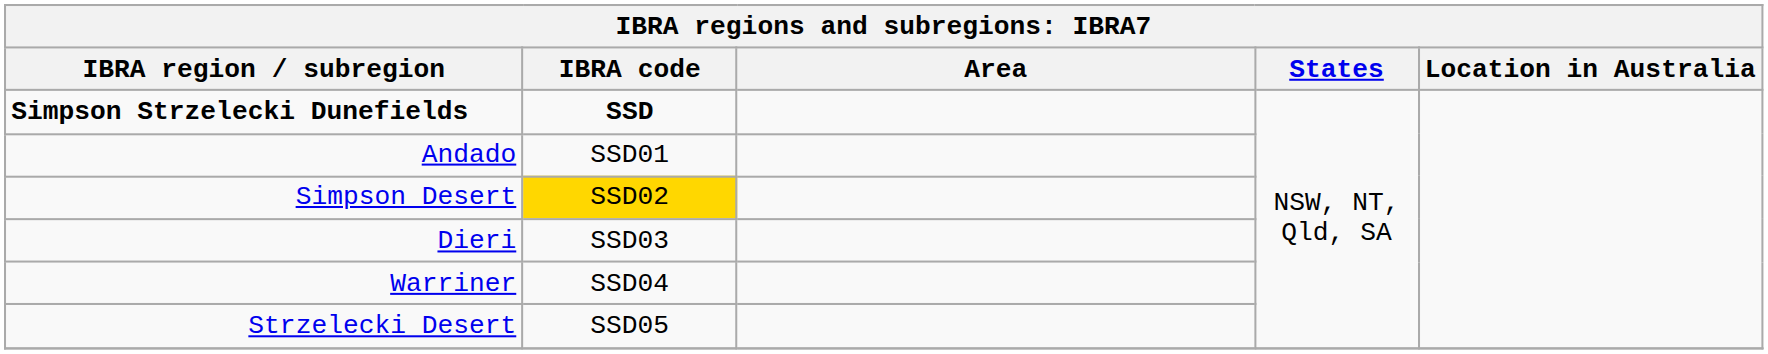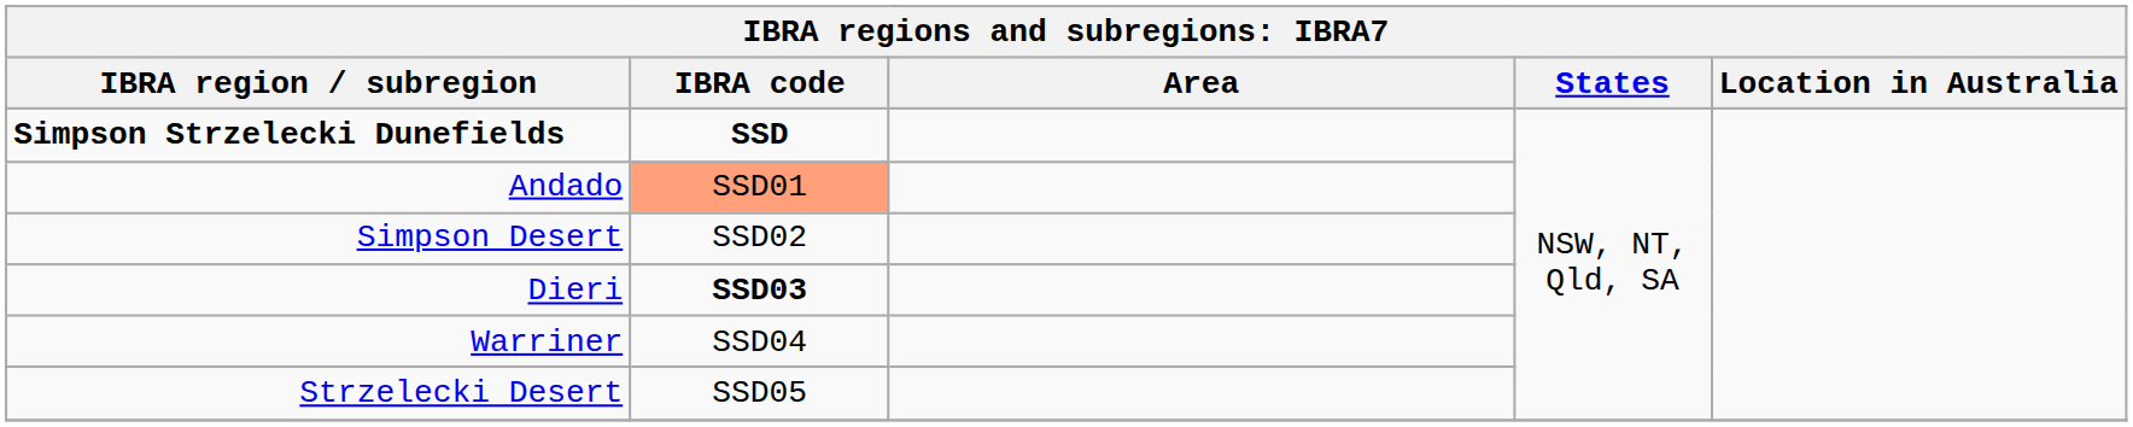 <table class="wikitable sortable">
 <tr>
 <th rowwidth=100px colspan=5>IBRA regions and subregions: IBRA7</th>
 </tr>
 <tr>
 <th scope="col" width="250px">IBRA region / subregion</th>
 <th scope="col" width="100px">IBRA code</th>
 <th scope="col" width="250px">Area</th>
 <th scope="col" width="75px"><a href='#'>States</a></th>
 <th>Location in Australia</th>
 </tr>
 <tr>
 <td><strong>Simpson Strzelecki Dunefields</strong></td>
 <td align="center"><strong>SSD</strong></td>
 <td align="right"><strong></strong></td>
 <td align="center" rowspan=6>NSW, NT, Qld, SA</td>
 <td align="center" rowspan=6></td>
 </tr>
 <tr>
 <td align="right"><a href='#'>Andado</a></td>
-<td align="center">SSD01</td>
+<td align="center" style="background: lightsalmon;">SSD01</td>
 <td align="right"></td>
 </tr>
 <tr>
 <td align="right"><a href='#'>Simpson Desert</a></td>
-<td align="center" style="background: gold;">SSD02</td>
+<td align="center">SSD02</td>
 <td align="right"></td>
 </tr>
 <tr>
 <td align="right"><a href='#'>Dieri</a></td>
-<td align="center">SSD03</td>
+<td align="center"><strong>SSD03</strong></td>
 <td align="right"></td>
 </tr>
 <tr>
 <td align="right"><a href='#'>Warriner</a></td>
 <td align="center">SSD04</td>
 <td align="right"></td>
 </tr>
 <tr>
 <td align="right"><a href='#'>Strzelecki Desert</a></td>
 <td align="center">SSD05</td>
 <td align="right"></td>
 </tr>
 <tr>
 </tr>
 </table>
